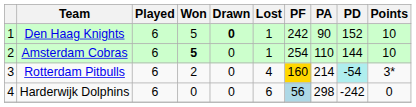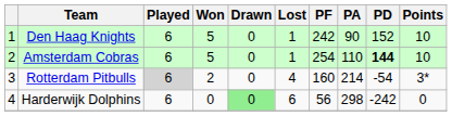 <table class="wikitable" style="text-align:center;">
 <tr>
 <th></th>
 <th>Team</th>
 <th>Played</th>
 <th>Won</th>
 <th>Drawn</th>
 <th>Lost</th>
 <th>PF</th>
 <th>PA</th>
 <th>PD</th>
 <th>Points</th>
 </tr>
 <tr style="background:#ccffcc;">
 <td>1</td>
 <td><a href='#'>Den Haag Knights</a></td>
 <td>6</td>
 <td>5</td>
-<td><strong>0</strong></td>
+<td>0</td>
 <td>1</td>
 <td>242</td>
 <td>90</td>
 <td>152</td>
 <td>10</td>
 </tr>
 <tr style="background:#ccffcc;">
 <td>2</td>
 <td><a href='#'>Amsterdam Cobras</a></td>
 <td>6</td>
-<td><strong>5</strong></td>
+<td>5</td>
 <td>0</td>
 <td>1</td>
 <td>254</td>
 <td>110</td>
-<td>144</td>
+<td><strong>144</strong></td>
 <td>10</td>
 </tr>
 <tr>
 <td>3</td>
 <td><a href='#'>Rotterdam Pitbulls</a></td>
-<td>6</td>
+<td style="background: lightgrey;">6</td>
 <td>2</td>
 <td>0</td>
 <td>4</td>
-<td style="background: gold;">160</td>
+<td>160</td>
 <td>214</td>
-<td style="background: paleturquoise;">-54</td>
+<td>-54</td>
 <td>3*</td>
 </tr>
 <tr>
 <td>4</td>
 <td>Harderwijk Dolphins</td>
 <td>6</td>
 <td>0</td>
-<td>0</td>
+<td style="background: lightgreen;">0</td>
 <td>6</td>
-<td style="background: lightblue;">56</td>
+<td>56</td>
 <td>298</td>
 <td>-242</td>
 <td>0</td>
 </tr>
 <tr>
 </tr>
 </table>
